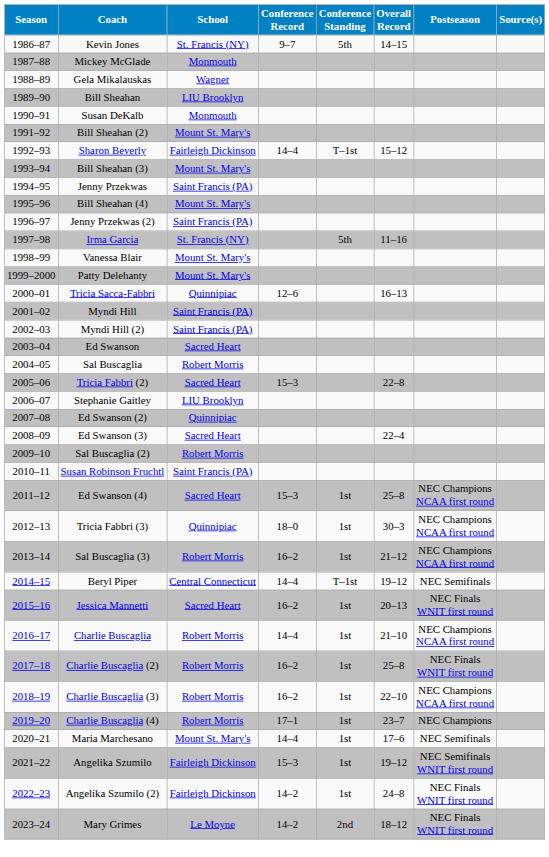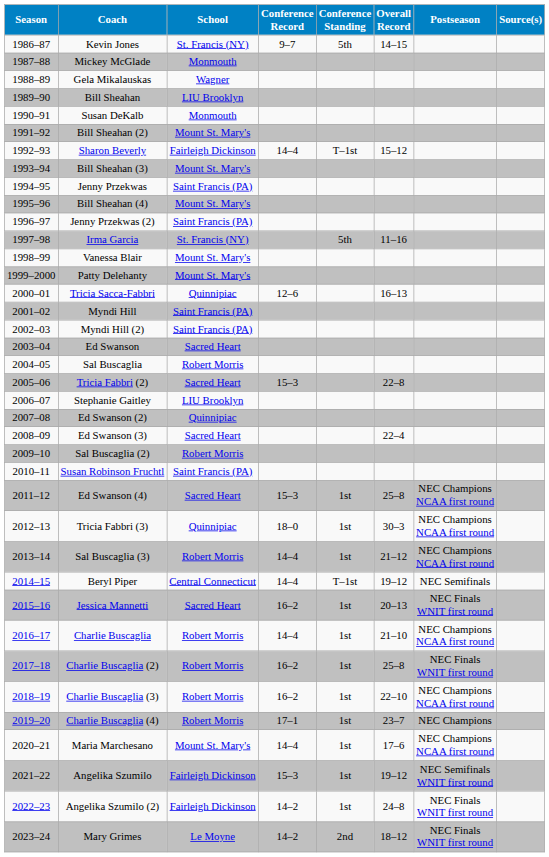 <table class="wikitable" style="font-size:90%; border: 2px solid dark blue;">
 <tr>
 <th align="center" style="background:#0081C4; color:#FFFFFF;">Season</th>
 <th align="center" style="background:#0081C4; color:#FFFFFF;">Coach</th>
 <th align="center" style="background:#0081C4; color:#FFFFFF;">School</th>
 <th align="center" style="background:#0081C4; color:#FFFFFF;">Conference<br>Record</th>
 <th align="center" style="background:#0081C4; color:#FFFFFF;">Conference<br>Standing</th>
 <th align="center" style="background:#0081C4; color:#FFFFFF;">Overall<br>Record</th>
 <th align="center" style="background:#0081C4; color:#FFFFFF;">Postseason</th>
 <th align="center" style="background:#0081C4; color:#FFFFFF;">Source(s)</th>
 </tr>
 <tr align=center>
 <td>1986–87</td>
 <td>Kevin Jones</td>
 <td><a href='#'>St. Francis (NY)</a></td>
 <td>9–7</td>
 <td>5th</td>
 <td>14–15</td>
 <td></td>
 <td></td>
 </tr>
 <tr align=center>
 <td style=background:silver>1987–88</td>
 <td style=background:silver>Mickey McGlade</td>
 <td style=background:silver><a href='#'>Monmouth</a></td>
 <td style=background:silver></td>
 <td style=background:silver></td>
 <td style=background:silver></td>
 <td style=background:silver></td>
 <td style=background:silver></td>
 </tr>
 <tr align=center>
 <td>1988–89</td>
 <td>Gela Mikalauskas</td>
 <td><a href='#'>Wagner</a></td>
 <td></td>
 <td></td>
 <td></td>
 <td></td>
 <td></td>
 </tr>
 <tr align=center>
 <td style=background:silver>1989–90</td>
 <td style=background:silver>Bill Sheahan</td>
 <td style=background:silver><a href='#'>LIU Brooklyn</a></td>
 <td style=background:silver></td>
 <td style=background:silver></td>
 <td style=background:silver></td>
 <td style=background:silver></td>
 <td style=background:silver></td>
 </tr>
 <tr align=center>
 <td>1990–91</td>
 <td>Susan DeKalb</td>
 <td><a href='#'>Monmouth</a></td>
 <td></td>
 <td></td>
 <td></td>
 <td></td>
 <td></td>
 </tr>
 <tr align=center>
 <td style=background:silver>1991–92</td>
 <td style=background:silver>Bill Sheahan (2)</td>
 <td style=background:silver><a href='#'>Mount St. Mary's</a></td>
 <td style=background:silver></td>
 <td style=background:silver></td>
 <td style=background:silver></td>
 <td style=background:silver></td>
 <td style=background:silver></td>
 </tr>
 <tr align=center>
 <td>1992–93</td>
 <td><a href='#'>Sharon Beverly</a></td>
 <td><a href='#'>Fairleigh Dickinson</a></td>
 <td>14–4</td>
 <td>T–1st</td>
 <td>15–12</td>
 <td></td>
 <td></td>
 </tr>
 <tr align=center>
 <td style=background:silver>1993–94</td>
 <td style=background:silver>Bill Sheahan (3)</td>
 <td style=background:silver><a href='#'>Mount St. Mary's</a></td>
 <td style=background:silver></td>
 <td style=background:silver></td>
 <td style=background:silver></td>
 <td style=background:silver></td>
 <td style=background:silver></td>
 </tr>
 <tr align=center>
 <td>1994–95</td>
 <td>Jenny Przekwas</td>
 <td><a href='#'>Saint Francis (PA)</a></td>
 <td></td>
 <td></td>
 <td></td>
 <td></td>
 <td></td>
 </tr>
 <tr align=center>
 <td style=background:silver>1995–96</td>
 <td style=background:silver>Bill Sheahan (4)</td>
 <td style=background:silver><a href='#'>Mount St. Mary's</a></td>
 <td style=background:silver></td>
 <td style=background:silver></td>
 <td style=background:silver></td>
 <td style=background:silver></td>
 <td style=background:silver></td>
 </tr>
 <tr align=center>
 <td>1996–97</td>
 <td>Jenny Przekwas (2)</td>
 <td><a href='#'>Saint Francis (PA)</a></td>
 <td></td>
 <td></td>
 <td></td>
 <td></td>
 <td></td>
 </tr>
 <tr align=center>
 <td style=background:silver>1997–98</td>
 <td style=background:silver><a href='#'>Irma Garcia</a></td>
 <td style=background:silver><a href='#'>St. Francis (NY)</a></td>
 <td style=background:silver></td>
 <td style=background:silver>5th</td>
 <td style=background:silver>11–16</td>
 <td style=background:silver></td>
 <td style=background:silver></td>
 </tr>
 <tr align=center>
 <td>1998–99</td>
 <td>Vanessa Blair</td>
 <td><a href='#'>Mount St. Mary's</a></td>
 <td></td>
 <td></td>
 <td></td>
 <td></td>
 <td></td>
 </tr>
 <tr align=center>
 <td style=background:silver>1999–2000</td>
 <td style=background:silver>Patty Delehanty</td>
 <td style=background:silver><a href='#'>Mount St. Mary's</a></td>
 <td style=background:silver></td>
 <td style=background:silver></td>
 <td style=background:silver></td>
 <td style=background:silver></td>
 <td style=background:silver></td>
 </tr>
 <tr align=center>
 <td>2000–01</td>
 <td><a href='#'>Tricia Sacca-Fabbri</a></td>
 <td><a href='#'>Quinnipiac</a></td>
 <td>12–6</td>
 <td></td>
 <td>16–13</td>
 <td></td>
 <td></td>
 </tr>
 <tr align=center>
 <td style=background:silver>2001–02</td>
 <td style=background:silver>Myndi Hill</td>
 <td style=background:silver><a href='#'>Saint Francis (PA)</a></td>
 <td style=background:silver></td>
 <td style=background:silver></td>
 <td style=background:silver></td>
 <td style=background:silver></td>
 <td style=background:silver></td>
 </tr>
 <tr align=center>
 <td>2002–03</td>
 <td>Myndi Hill (2)</td>
 <td><a href='#'>Saint Francis (PA)</a></td>
 <td></td>
 <td></td>
 <td></td>
 <td></td>
 <td></td>
 </tr>
 <tr align=center>
 <td style=background:silver>2003–04</td>
 <td style=background:silver>Ed Swanson</td>
 <td style=background:silver><a href='#'>Sacred Heart</a></td>
 <td style=background:silver></td>
 <td style=background:silver></td>
 <td style=background:silver></td>
 <td style=background:silver></td>
 <td style=background:silver></td>
 </tr>
 <tr align=center>
 <td>2004–05</td>
 <td>Sal Buscaglia</td>
 <td><a href='#'>Robert Morris</a></td>
 <td></td>
 <td></td>
 <td></td>
 <td></td>
 <td></td>
 </tr>
 <tr align=center>
 <td style=background:silver>2005–06</td>
 <td style=background:silver><a href='#'>Tricia Fabbri</a> (2)</td>
 <td style=background:silver><a href='#'>Sacred Heart</a></td>
 <td style=background:silver>15–3</td>
 <td style=background:silver></td>
 <td style=background:silver>22–8</td>
 <td style=background:silver></td>
 <td style=background:silver></td>
 </tr>
 <tr align=center>
 <td>2006–07</td>
 <td>Stephanie Gaitley</td>
 <td><a href='#'>LIU Brooklyn</a></td>
 <td></td>
 <td></td>
 <td></td>
 <td></td>
 <td></td>
 </tr>
 <tr align=center>
 <td style=background:silver>2007–08</td>
 <td style=background:silver>Ed Swanson (2)</td>
 <td style=background:silver><a href='#'>Quinnipiac</a></td>
 <td style=background:silver></td>
 <td style=background:silver></td>
 <td style=background:silver></td>
 <td style=background:silver></td>
 <td style=background:silver></td>
 </tr>
 <tr align=center>
 <td>2008–09</td>
 <td>Ed Swanson (3)</td>
 <td><a href='#'>Sacred Heart</a></td>
 <td></td>
 <td></td>
 <td>22–4</td>
 <td></td>
 <td></td>
 </tr>
 <tr align=center>
 <td style=background:silver>2009–10</td>
 <td style=background:silver>Sal Buscaglia (2)</td>
 <td style=background:silver><a href='#'>Robert Morris</a></td>
 <td style=background:silver></td>
 <td style=background:silver></td>
 <td style=background:silver></td>
 <td style=background:silver></td>
 <td style=background:silver></td>
 </tr>
 <tr align=center>
 <td>2010–11</td>
 <td><a href='#'>Susan Robinson Fruchtl</a></td>
 <td><a href='#'>Saint Francis (PA)</a></td>
 <td></td>
 <td></td>
 <td></td>
 <td></td>
 <td></td>
 </tr>
 <tr align=center>
 <td style=background:silver>2011–12</td>
 <td style=background:silver>Ed Swanson (4)</td>
 <td style=background:silver><a href='#'>Sacred Heart</a></td>
 <td style=background:silver>15–3</td>
 <td style=background:silver>1st</td>
 <td style=background:silver>25–8</td>
 <td style=background:silver>NEC Champions<br><a href='#'>NCAA first round</a></td>
 <td style=background:silver></td>
 </tr>
 <tr align=center>
 <td>2012–13</td>
 <td>Tricia Fabbri (3)</td>
 <td><a href='#'>Quinnipiac</a></td>
 <td>18–0</td>
 <td>1st</td>
 <td>30–3</td>
 <td>NEC Champions<br><a href='#'>NCAA first round</a></td>
 <td></td>
 </tr>
 <tr align=center>
 <td style=background:silver>2013–14</td>
 <td style=background:silver>Sal Buscaglia (3)</td>
 <td style=background:silver><a href='#'>Robert Morris</a></td>
-<td style=background:silver>16–2</td>
+<td style=background:silver>14–4</td>
 <td style=background:silver>1st</td>
 <td style=background:silver>21–12</td>
 <td style=background:silver>NEC Champions<br><a href='#'>NCAA first round</a></td>
 <td style=background:silver></td>
 </tr>
 <tr align=center>
 <td><a href='#'>2014–15</a></td>
 <td>Beryl Piper</td>
 <td><a href='#'>Central Connecticut</a></td>
 <td>14–4</td>
 <td>T–1st</td>
 <td>19–12</td>
 <td>NEC Semifinals</td>
 <td></td>
 </tr>
 <tr align=center>
 <td style=background:silver><a href='#'>2015–16</a></td>
 <td style=background:silver><a href='#'>Jessica Mannetti</a></td>
 <td style=background:silver><a href='#'>Sacred Heart</a></td>
 <td style=background:silver>16–2</td>
 <td style=background:silver>1st</td>
 <td style=background:silver>20–13</td>
 <td style=background:silver>NEC Finals<br><a href='#'>WNIT first round</a></td>
 <td style=background:silver></td>
 </tr>
 <tr align=center>
 <td><a href='#'>2016–17</a></td>
 <td><a href='#'>Charlie Buscaglia</a></td>
 <td><a href='#'>Robert Morris</a></td>
 <td>14–4</td>
 <td>1st</td>
 <td>21–10</td>
 <td>NEC Champions<br><a href='#'>NCAA first round</a></td>
 <td></td>
 </tr>
 <tr align=center>
 <td style=background:silver><a href='#'>2017–18</a></td>
 <td style=background:silver><a href='#'>Charlie Buscaglia</a> (2)</td>
 <td style=background:silver><a href='#'>Robert Morris</a></td>
 <td style=background:silver>16–2</td>
 <td style=background:silver>1st</td>
 <td style=background:silver>25–8</td>
 <td style=background:silver>NEC Finals<br><a href='#'>WNIT first round</a></td>
 <td style=background:silver></td>
 </tr>
 <tr align=center>
 <td><a href='#'>2018–19</a></td>
 <td><a href='#'>Charlie Buscaglia</a> (3)</td>
 <td><a href='#'>Robert Morris</a></td>
 <td>16–2</td>
 <td>1st</td>
 <td>22–10</td>
 <td>NEC Champions<br><a href='#'>NCAA first round</a></td>
 <td></td>
 </tr>
 <tr align=center>
 <td bgcolor=silver><a href='#'>2019–20</a></td>
 <td bgcolor=silver><a href='#'>Charlie Buscaglia</a> (4)</td>
 <td bgcolor=silver><a href='#'>Robert Morris</a></td>
 <td bgcolor=silver>17–1</td>
 <td bgcolor=silver>1st</td>
 <td bgcolor=silver>23–7</td>
 <td bgcolor=silver>NEC Champions</td>
 <td bgcolor=silver></td>
 </tr>
 <tr align=center>
 <td>2020–21</td>
 <td>Maria Marchesano</td>
 <td><a href='#'>Mount St. Mary's</a></td>
 <td>14–4</td>
 <td>1st</td>
 <td>17–6</td>
-<td>NEC Semifinals</td>
+<td>NEC Champions<br><a href='#'>NCAA first round</a></td>
 <td></td>
 </tr>
 <tr align=center>
 <td bgcolor=silver>2021–22</td>
 <td bgcolor=silver>Angelika Szumilo</td>
 <td bgcolor=silver><a href='#'>Fairleigh Dickinson</a></td>
 <td bgcolor=silver>15–3</td>
 <td bgcolor=silver>1st</td>
 <td bgcolor=silver>19–12</td>
 <td bgcolor=silver>NEC Semifinals<br><a href='#'>WNIT first round</a></td>
 <td bgcolor=silver></td>
 </tr>
 <tr align=center>
 <td><a href='#'>2022–23</a></td>
 <td>Angelika Szumilo (2)</td>
 <td><a href='#'>Fairleigh Dickinson</a></td>
 <td>14–2</td>
 <td>1st</td>
 <td>24–8</td>
 <td>NEC Finals<br><a href='#'>WNIT first round</a></td>
 <td></td>
 </tr>
 <tr align=center>
 <td bgcolor=silver>2023–24</td>
 <td bgcolor=silver>Mary Grimes</td>
 <td bgcolor=silver><a href='#'>Le Moyne</a></td>
 <td bgcolor=silver>14–2</td>
 <td bgcolor=silver>2nd</td>
 <td bgcolor=silver>18–12</td>
 <td bgcolor=silver>NEC Finals<br><a href='#'>WNIT first round</a></td>
 <td bgcolor=silver></td>
 </tr>
 </table>
